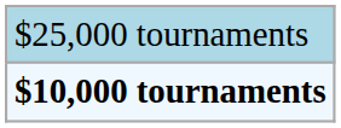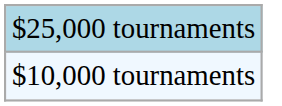 <table class="wikitable" style="font-size:85%">
 <tr style="background:lightblue;">
 <td>$25,000 tournaments</td>
 </tr>
 <tr bgcolor="#f0f8ff">
-<td><strong>$10,000 tournaments</strong></td>
+<td>$10,000 tournaments</td>
 </tr>
 </table>
